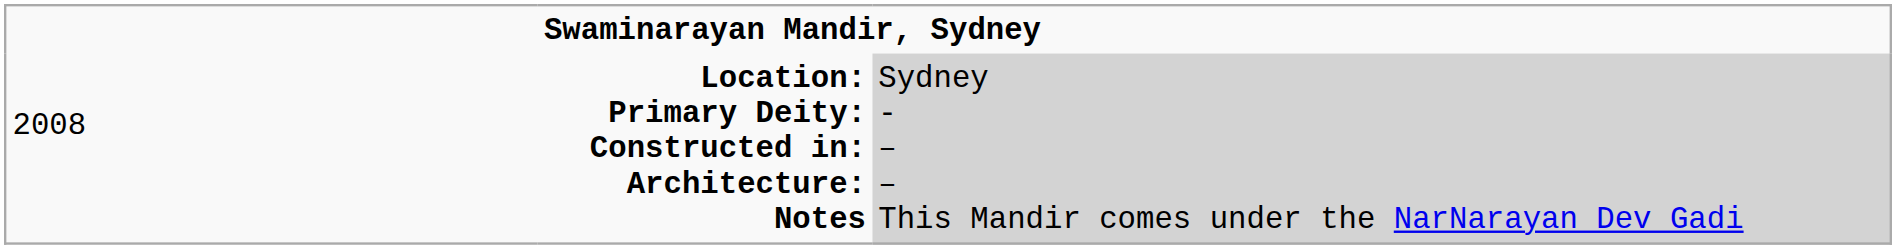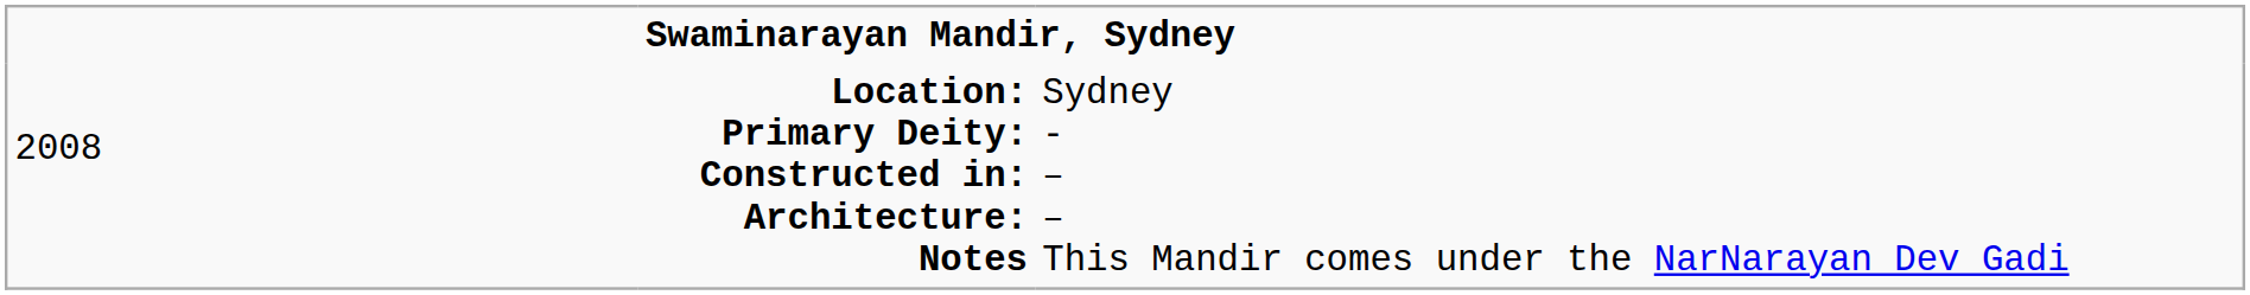 <table class="wikitable plain" width="800" border="0">
 <tr>
 <td rowspan="2" style="border:none;" width="220px">2008</td>
 <td colspan="2" style="border:none;" valign="top"><strong>Swaminarayan Mandir, Sydney</strong></td>
 </tr>
 <tr>
 <td style="text-align:right; border:none;" valign="top"><strong>Location:</strong> <br><strong>Primary Deity:</strong><br><strong>Constructed in:</strong><br><strong>Architecture:</strong><br><strong>Notes</strong></td>
-<td style="background: lightgrey; border:none;" valign="top">Sydney <br>- <br>– <br>– <br>This Mandir comes under the <a href='#'>NarNarayan Dev Gadi</a></td>
+<td style="border:none;" valign="top">Sydney <br>- <br>– <br>– <br>This Mandir comes under the <a href='#'>NarNarayan Dev Gadi</a></td>
 </tr>
 </table>
